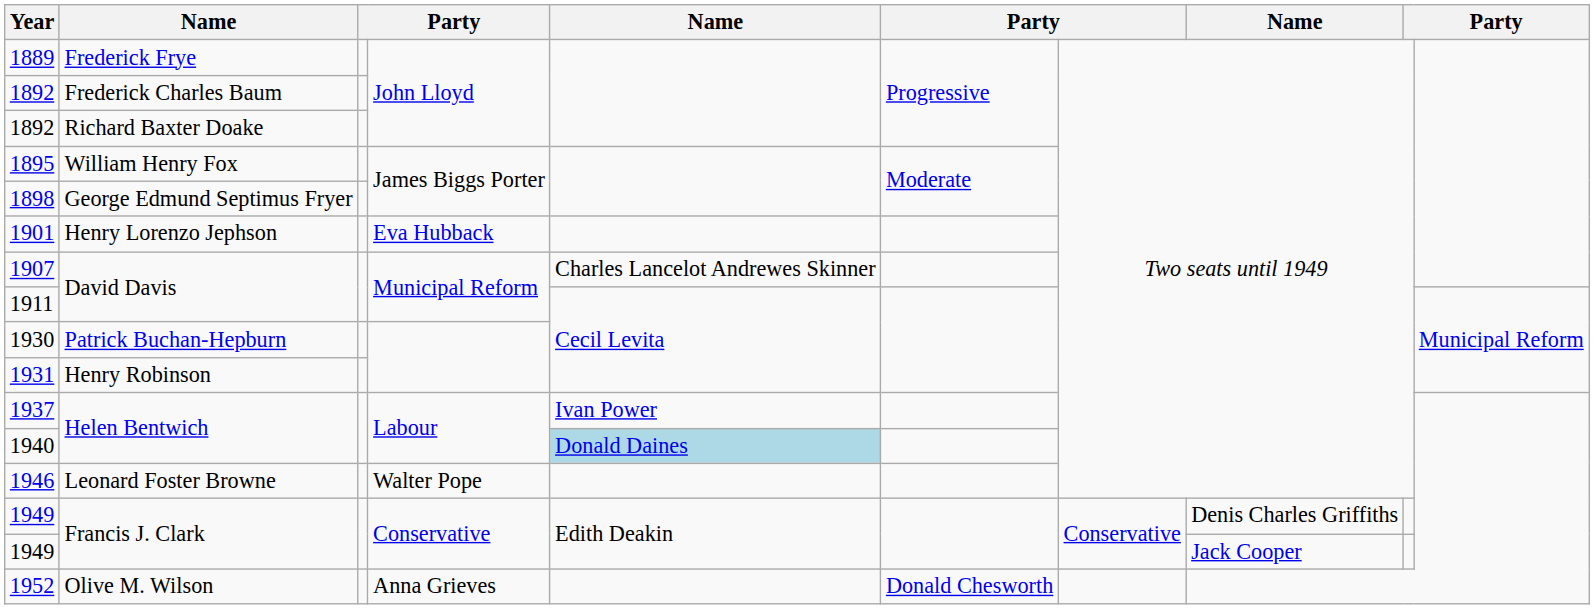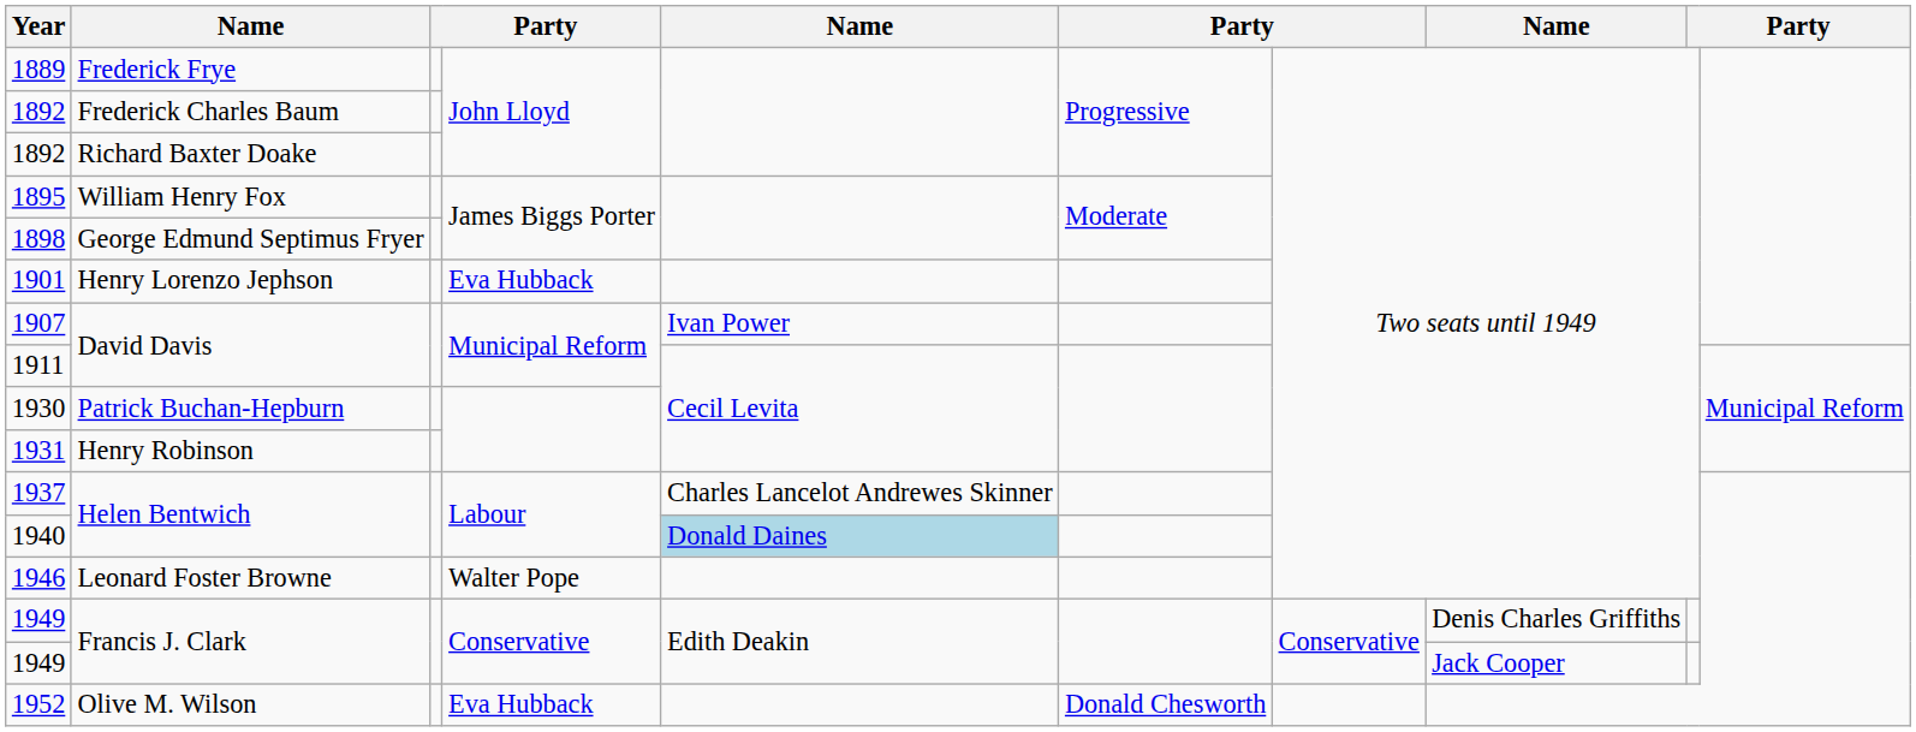 <table class="wikitable">
 <tr>
 <th>Year</th>
 <th>Name</th>
 <th colspan=2>Party</th>
 <th>Name</th>
 <th colspan=2>Party</th>
 <th>Name</th>
 <th colspan=2>Party</th>
 </tr>
 <tr>
 <td><a href='#'>1889</a></td>
 <td><a href='#'>Frederick Frye</a></td>
 <td></td>
 <td rowspan=3><a href='#'>John Lloyd</a></td>
 <td rowspan=3 style="background-color: "></td>
 <td rowspan=3><a href='#'>Progressive</a></td>
 <td rowspan=13 colspan=3 align="center"><em>Two seats until 1949</em></td>
 </tr>
 <tr>
 <td><a href='#'>1892</a></td>
 <td>Frederick Charles Baum</td>
 <td></td>
 </tr>
 <tr>
 <td>1892</td>
 <td>Richard Baxter Doake</td>
 <td></td>
 </tr>
 <tr>
 <td><a href='#'>1895</a></td>
 <td>William Henry Fox</td>
 <td></td>
 <td rowspan=2>James Biggs Porter</td>
 <td rowspan=2 style="background-color: "></td>
 <td rowspan=2><a href='#'>Moderate</a></td>
 </tr>
 <tr>
 <td><a href='#'>1898</a></td>
 <td>George Edmund Septimus Fryer</td>
 <td></td>
 </tr>
 <tr>
 <td><a href='#'>1901</a></td>
 <td>Henry Lorenzo Jephson</td>
 <td></td>
 <td><a href='#'>Eva Hubback</a></td>
 <td></td>
 </tr>
 <tr>
 <td><a href='#'>1907</a></td>
 <td rowspan=2>David Davis</td>
 <td rowspan=2 style="background-color: "></td>
 <td rowspan=2><a href='#'>Municipal Reform</a></td>
-<td>Charles Lancelot Andrewes Skinner</td>
+<td><a href='#'>Ivan Power</a></td>
 <td></td>
 </tr>
 <tr>
 <td>1911</td>
 <td rowspan=3><a href='#'>Cecil Levita</a></td>
 <td rowspan=3 style="background-color: "></td>
 <td rowspan=3><a href='#'>Municipal Reform</a></td>
 </tr>
 <tr>
 <td>1930</td>
 <td><a href='#'>Patrick Buchan-Hepburn</a></td>
 <td></td>
 </tr>
 <tr>
 <td><a href='#'>1931</a></td>
 <td>Henry Robinson</td>
 <td></td>
 </tr>
 <tr>
 <td><a href='#'>1937</a></td>
 <td rowspan=2><a href='#'>Helen Bentwich</a></td>
 <td rowspan=2 style="background-color: "></td>
 <td rowspan=2><a href='#'>Labour</a></td>
-<td><a href='#'>Ivan Power</a></td>
+<td>Charles Lancelot Andrewes Skinner</td>
 <td></td>
 </tr>
 <tr>
 <td>1940</td>
 <td style="background: lightblue;"><a href='#'>Donald Daines</a></td>
 <td></td>
 </tr>
 <tr>
 <td><a href='#'>1946</a></td>
 <td>Leonard Foster Browne</td>
 <td></td>
 <td>Walter Pope</td>
 <td></td>
 </tr>
 <tr>
 <td><a href='#'>1949</a></td>
 <td rowspan=2>Francis J. Clark</td>
 <td rowspan=2 style="background-color: "></td>
 <td rowspan=2><a href='#'>Conservative</a></td>
 <td rowspan=2>Edith Deakin</td>
 <td rowspan=2 style="background-color: "></td>
 <td rowspan=2><a href='#'>Conservative</a></td>
 <td>Denis Charles Griffiths</td>
 <td></td>
 </tr>
 <tr>
 <td>1949</td>
 <td><a href='#'>Jack Cooper</a></td>
 <td></td>
 </tr>
 <tr>
 <td><a href='#'>1952</a></td>
 <td>Olive M. Wilson</td>
 <td></td>
-<td>Anna Grieves</td>
+<td><a href='#'>Eva Hubback</a></td>
 <td></td>
 <td><a href='#'>Donald Chesworth</a></td>
 <td></td>
 </tr>
 </table>
